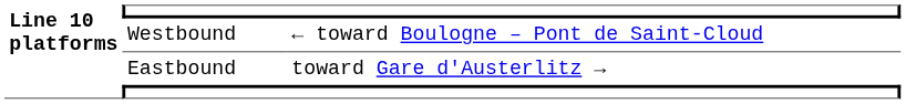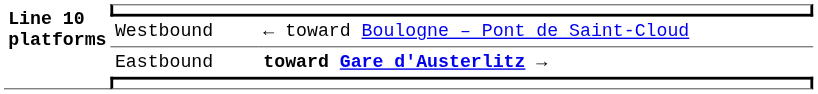 <table border=0 cellspacing=0 cellpadding=3>
 <tr>
 <td style="border-bottom:solid 1px gray;" width=50 rowspan=10 valign=top><strong>Line 10 platforms</strong></td>
 <td style="border-top:solid 1px gray;border-right:solid 2px black;border-left:solid 2px black;border-bottom:solid 2px black;text-align:center;" colspan=2></td>
 </tr>
 <tr>
 <td style="border-bottom:solid 1px gray;" width=100>Westbound</td>
 <td style="border-bottom:solid 1px gray;" width=390>←   toward <a href='#'>Boulogne – Pont de Saint-Cloud</a> </td>
 </tr>
 <tr>
 <td>Eastbound</td>
-<td>   toward <a href='#'>Gare d'Austerlitz</a>  →</td>
+<td><strong>   toward <a href='#'>Gare d'Austerlitz</a>  →</strong></td>
 </tr>
 <tr>
 <td style="border-top:solid 2px black;border-right:solid 2px black;border-left:solid 2px black;border-bottom:solid 1px gray;text-align:center;" colspan=2></td>
 </tr>
 </table>
